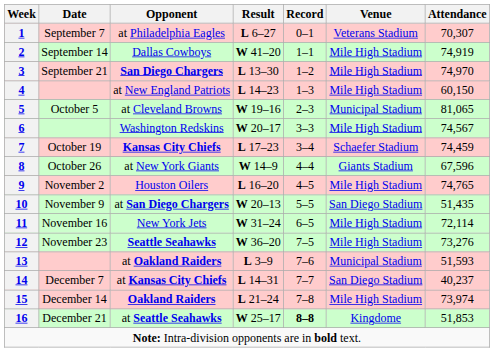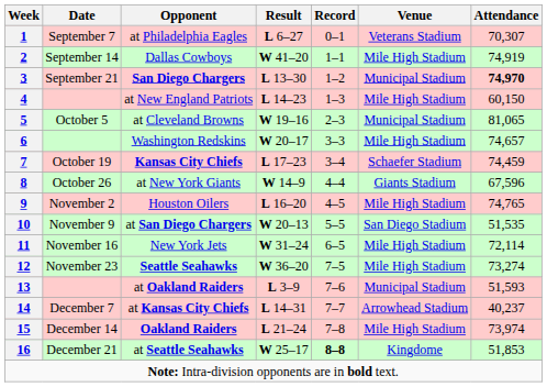 <table class="wikitable" style="text-align:center">
 <tr>
 <th>Week</th>
 <th>Date</th>
 <th>Opponent</th>
 <th>Result</th>
 <th>Record</th>
 <th>Venue</th>
 <th>Attendance</th>
 </tr>
 <tr style="background:#fcc">
 <th><a href='#'>1</a></th>
 <td>September 7</td>
 <td>at <a href='#'>Philadelphia Eagles</a></td>
 <td><strong>L</strong> 6–27</td>
 <td>0–1</td>
 <td><a href='#'>Veterans Stadium</a></td>
 <td>70,307</td>
 </tr>
 <tr style="background:#cfc">
 <th><a href='#'>2</a></th>
 <td>September 14</td>
 <td><a href='#'>Dallas Cowboys</a></td>
 <td><strong>W</strong> 41–20</td>
 <td>1–1</td>
 <td><a href='#'>Mile High Stadium</a></td>
 <td>74,919</td>
 </tr>
 <tr style="background:#fcc">
 <th><a href='#'>3</a></th>
 <td>September 21</td>
 <td><strong><a href='#'>San Diego Chargers</a></strong></td>
 <td><strong>L</strong> 13–30</td>
 <td>1–2</td>
-<td><a href='#'>Mile High Stadium</a></td>
-<td>74,970</td>
+<td><a href='#'>Municipal Stadium</a></td>
+<td><strong>74,970</strong></td>
 </tr>
 <tr style="background:#fcc">
 <th><a href='#'>4</a></th>
 <td></td>
 <td>at <a href='#'>New England Patriots</a></td>
 <td><strong>L</strong> 14–23</td>
 <td>1–3</td>
 <td><a href='#'>Mile High Stadium</a></td>
 <td>60,150</td>
 </tr>
 <tr style="background:#cfc">
 <th><a href='#'>5</a></th>
 <td>October 5</td>
 <td>at <a href='#'>Cleveland Browns</a></td>
 <td><strong>W</strong> 19–16</td>
 <td>2–3</td>
 <td><a href='#'>Municipal Stadium</a></td>
 <td>81,065</td>
 </tr>
 <tr style="background:#cfc">
 <th><a href='#'>6</a></th>
 <td></td>
 <td><a href='#'>Washington Redskins</a></td>
 <td><strong>W</strong> 20–17</td>
 <td>3–3</td>
 <td><a href='#'>Mile High Stadium</a></td>
-<td>74,567</td>
+<td>74,657</td>
 </tr>
 <tr style="background:#fcc">
 <th><a href='#'>7</a></th>
 <td>October 19</td>
 <td><strong><a href='#'>Kansas City Chiefs</a></strong></td>
 <td><strong>L</strong> 17–23</td>
 <td>3–4</td>
 <td><a href='#'>Schaefer Stadium</a></td>
 <td>74,459</td>
 </tr>
 <tr style="background:#cfc">
 <th><a href='#'>8</a></th>
 <td>October 26</td>
 <td>at <a href='#'>New York Giants</a></td>
 <td><strong>W</strong> 14–9</td>
 <td>4–4</td>
 <td><a href='#'>Giants Stadium</a></td>
 <td>67,596</td>
 </tr>
 <tr style="background:#fcc">
 <th><a href='#'>9</a></th>
 <td>November 2</td>
 <td><a href='#'>Houston Oilers</a></td>
 <td><strong>L</strong> 16–20</td>
 <td>4–5</td>
 <td><a href='#'>Mile High Stadium</a></td>
 <td>74,765</td>
 </tr>
 <tr style="background:#cfc">
 <th><a href='#'>10</a></th>
 <td>November 9</td>
 <td>at <strong><a href='#'>San Diego Chargers</a></strong></td>
 <td><strong>W</strong> 20–13</td>
 <td>5–5</td>
 <td><a href='#'>San Diego Stadium</a></td>
-<td>51,435</td>
+<td>51,535</td>
 </tr>
 <tr style="background:#cfc">
 <th><a href='#'>11</a></th>
 <td>November 16</td>
 <td><a href='#'>New York Jets</a></td>
 <td><strong>W</strong> 31–24</td>
 <td>6–5</td>
 <td><a href='#'>Mile High Stadium</a></td>
 <td>72,114</td>
 </tr>
 <tr style="background:#cfc">
 <th><a href='#'>12</a></th>
 <td>November 23</td>
 <td><strong><a href='#'>Seattle Seahawks</a></strong></td>
 <td><strong>W</strong> 36–20</td>
 <td>7–5</td>
 <td><a href='#'>Mile High Stadium</a></td>
-<td>73,276</td>
+<td>73,274</td>
 </tr>
 <tr style="background:#fcc">
 <th><a href='#'>13</a></th>
 <td></td>
 <td>at <strong><a href='#'>Oakland Raiders</a></strong></td>
 <td><strong>L</strong> 3–9</td>
 <td>7–6</td>
 <td><a href='#'>Municipal Stadium</a></td>
 <td>51,593</td>
 </tr>
 <tr style="background:#fcc">
 <th><a href='#'>14</a></th>
 <td>December 7</td>
 <td>at <strong><a href='#'>Kansas City Chiefs</a></strong></td>
 <td><strong>L</strong> 14–31</td>
 <td>7–7</td>
-<td><a href='#'>San Diego Stadium</a></td>
+<td><a href='#'>Arrowhead Stadium</a></td>
 <td>40,237</td>
 </tr>
 <tr style="background:#fcc">
 <th><a href='#'>15</a></th>
 <td>December 14</td>
 <td><strong><a href='#'>Oakland Raiders</a></strong></td>
 <td><strong>L</strong> 21–24</td>
 <td>7–8</td>
 <td><a href='#'>Mile High Stadium</a></td>
 <td>73,974</td>
 </tr>
 <tr style="background:#cfc">
 <th><a href='#'>16</a></th>
 <td>December 21</td>
 <td>at <strong><a href='#'>Seattle Seahawks</a></strong></td>
 <td><strong>W</strong> 25–17</td>
 <td><strong>8–8</strong></td>
 <td><a href='#'>Kingdome</a></td>
 <td>51,853</td>
 </tr>
 <tr>
 <td colspan="8"><strong>Note:</strong> Intra-division opponents are in <strong>bold</strong> text.</td>
 </tr>
 </table>
